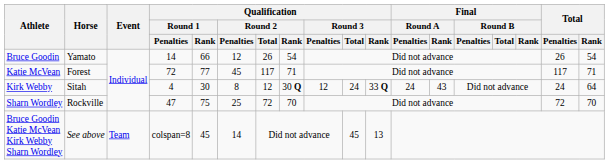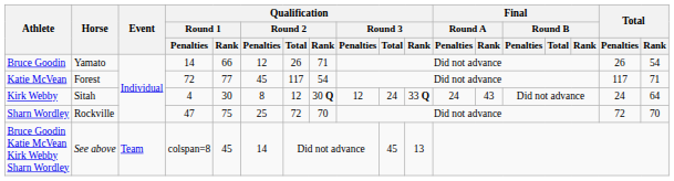 <table class="wikitable" style="font-size:90%">
 <tr>
 <th rowspan="3">Athlete</th>
 <th rowspan="3">Horse</th>
 <th rowspan="3">Event</th>
 <th colspan="8">Qualification</th>
 <th colspan="5">Final</th>
 <th rowspan=2 colspan="2">Total</th>
 </tr>
 <tr style="font-size:95%">
 <th colspan="2">Round 1</th>
 <th colspan="3">Round 2</th>
 <th colspan="3">Round 3</th>
 <th colspan="2">Round A</th>
 <th colspan="3">Round B</th>
 </tr>
 <tr style="font-size:95%">
 <th>Penalties</th>
 <th>Rank</th>
 <th>Penalties</th>
 <th>Total</th>
 <th>Rank</th>
 <th>Penalties</th>
 <th>Total</th>
 <th>Rank</th>
 <th>Penalties</th>
 <th>Rank</th>
 <th>Penalties</th>
 <th>Total</th>
 <th>Rank</th>
 <th>Penalties</th>
 <th>Rank</th>
 </tr>
 <tr align=center>
 <td align=left><a href='#'>Bruce Goodin</a></td>
 <td align=left>Yamato</td>
 <td align=left rowspan=4><a href='#'>Individual</a></td>
 <td>14</td>
 <td>66</td>
 <td>12</td>
 <td>26</td>
-<td>54</td>
+<td>71</td>
 <td colspan=8>Did not advance</td>
 <td>26</td>
 <td>54</td>
 </tr>
 <tr align=center>
 <td align=left><a href='#'>Katie McVean</a></td>
 <td align=left>Forest</td>
 <td>72</td>
 <td>77</td>
 <td>45</td>
 <td>117</td>
-<td>71</td>
+<td>54</td>
 <td colspan=8>Did not advance</td>
 <td>117</td>
 <td>71</td>
 </tr>
 <tr align=center>
 <td align=left><a href='#'>Kirk Webby</a></td>
 <td align=left>Sitah</td>
 <td>4</td>
 <td>30</td>
 <td>8</td>
 <td>12</td>
 <td>30 <strong>Q</strong></td>
 <td>12</td>
 <td>24</td>
 <td>33 <strong>Q</strong></td>
 <td>24</td>
 <td>43</td>
 <td colspan=3>Did not advance</td>
 <td>24</td>
 <td>64</td>
 </tr>
 <tr align=center>
 <td align=left><a href='#'>Sharn Wordley</a></td>
 <td align=left>Rockville</td>
 <td>47</td>
 <td>75</td>
 <td>25</td>
 <td>72</td>
 <td>70</td>
 <td colspan=8>Did not advance</td>
 <td>72</td>
 <td>70</td>
 </tr>
 <tr align=center>
 <td align=left><a href='#'>Bruce Goodin</a><br><a href='#'>Katie McVean</a><br><a href='#'>Kirk Webby</a><br><a href='#'>Sharn Wordley</a></td>
 <td align=left><em>See above</em></td>
 <td align=left><a href='#'>Team</a></td>
 <td>colspan=8 </td>
 <td>45</td>
 <td>14</td>
 <td colspan=3>Did not advance</td>
 <td>45</td>
 <td>13</td>
 </tr>
 </table>
